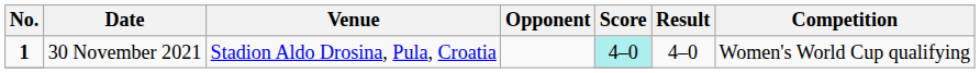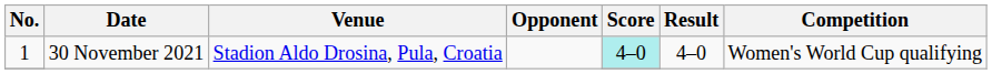 <table class="wikitable sortable">
 <tr>
 <th scope="col">No.</th>
 <th scope="col">Date</th>
 <th scope="col">Venue</th>
 <th scope="col">Opponent</th>
 <th scope="col">Score</th>
 <th scope="col">Result</th>
 <th scope="col">Competition</th>
 </tr>
 <tr>
-<td align="center"><strong>1</strong></td>
+<td align="center">1</td>
 <td rowspan="2">30 November 2021</td>
 <td rowspan="2"><a href='#'>Stadion Aldo Drosina</a>, <a href='#'>Pula</a>, <a href='#'>Croatia</a></td>
 <td rowspan="2"></td>
 <td align="center" style="background: paleturquoise;">4–0</td>
 <td rowspan="2" style="text-align:center">4–0</td>
 <td rowspan="2">Women's World Cup qualifying</td>
 </tr>
 <tr>
 </tr>
 </table>
